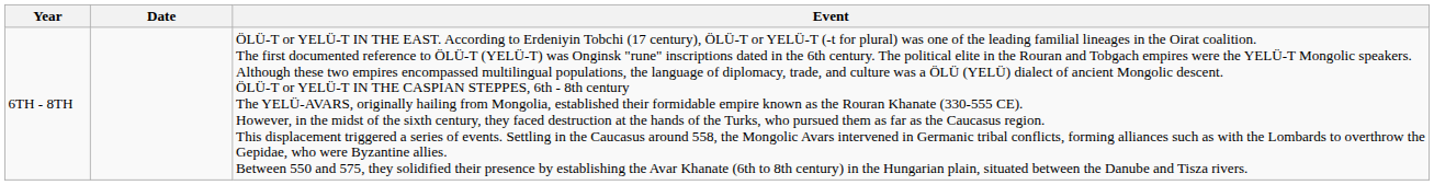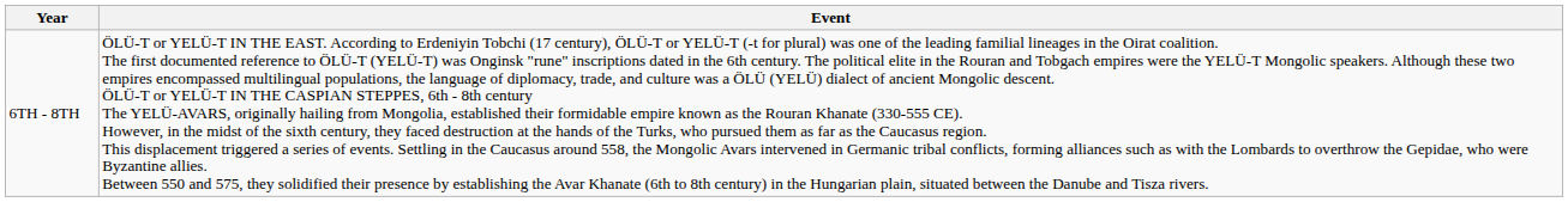 <table class="wikitable" style="width:100%;">
 <tr>
 <th style="width:6%">Year</th>
-<th style="width:10%">Date</th>
 <th>Event</th>
 </tr>
 <tr>
 <td>6TH - 8TH</td>
-<td></td>
 <td>ÖLÜ-T or YELÜ-T IN THE EAST. According to Erdeniyin Tobchi (17 century), ÖLÜ-T or YELÜ-T (-t for plural) was one of the leading familial lineages in the Oirat coalition.<br>The first documented reference to ÖLÜ-T (YELÜ-T) was Onginsk "rune" inscriptions dated in the 6th century. The political elite in the Rouran and Tobgach empires were the YELÜ-T Mongolic speakers. Although these two empires encompassed multilingual populations, the language of diplomacy, trade, and culture was a ÖLÜ (YELÜ) dialect of ancient Mongolic descent.<br>ÖLÜ-T or YELÜ-T IN THE CASPIAN STEPPES, 6th - 8th century<br>The YELÜ-AVARS, originally hailing from Mongolia, established their formidable empire known as the Rouran Khanate (330-555 CE).<br>However, in the midst of the sixth century, they faced destruction at the hands of the Turks, who pursued them as far as the Caucasus region.<br>This displacement triggered a series of events. Settling in the Caucasus around 558, the Mongolic Avars intervened in Germanic tribal conflicts, forming alliances such as with the Lombards to overthrow the Gepidae, who were Byzantine allies.<br>Between 550 and 575, they solidified their presence by establishing the Avar Khanate (6th to 8th century) in the Hungarian plain, situated between the Danube and Tisza rivers.</td>
 </tr>
 </table>
